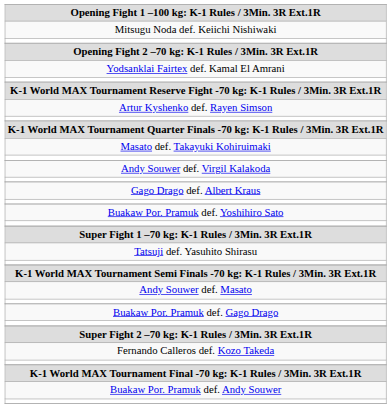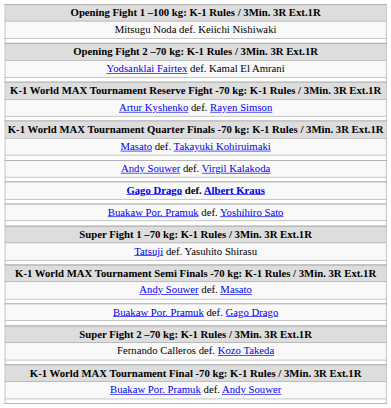 <table class="wikitable" style="clear:both; margin:1.5em auto; text-align:center;">
 <tr>
 </tr>
 <tr align="center"  bgcolor="#dddddd">
 <td><strong>Opening Fight 1 –100 kg: K-1 Rules / 3Min. 3R Ext.1R</strong></td>
 </tr>
 <tr align="center"  bgcolor=>
 <td align=center> Mitsugu Noda def. Keiichi Nishiwaki </td>
 </tr>
 <tr>
 <th style=background:white colspan=2></th>
 </tr>
 <tr>
 </tr>
 <tr align="center"  bgcolor="#dddddd">
 <td><strong>Opening Fight 2 –70 kg: K-1 Rules / 3Min. 3R Ext.1R</strong></td>
 </tr>
 <tr align="center"  bgcolor=>
 <td align=center> <a href='#'>Yodsanklai Fairtex</a> def. Kamal El Amrani </td>
 </tr>
 <tr>
 <th style=background:white colspan=2></th>
 </tr>
 <tr>
 </tr>
 <tr align="center"  bgcolor="#dddddd">
 <td><strong>K-1 World MAX Tournament Reserve Fight -70 kg: K-1 Rules / 3Min. 3R Ext.1R</strong></td>
 </tr>
 <tr align="center"  bgcolor=>
 <td align=center> <a href='#'>Artur Kyshenko</a> def. <a href='#'>Rayen Simson</a> </td>
 </tr>
 <tr>
 <th style=background:white colspan=2></th>
 </tr>
 <tr>
 </tr>
 <tr align="center"  bgcolor="#dddddd">
 <td><strong>K-1 World MAX Tournament Quarter Finals -70 kg: K-1 Rules / 3Min. 3R Ext.1R</strong></td>
 </tr>
 <tr align="center"  bgcolor=>
 <td align=center> <a href='#'>Masato</a> def. <a href='#'>Takayuki Kohiruimaki</a> </td>
 </tr>
 <tr>
 <th style=background:white colspan=2></th>
 </tr>
 <tr>
 </tr>
 <tr align="center"  bgcolor=>
 <td align=center> <a href='#'>Andy Souwer</a> def. <a href='#'>Virgil Kalakoda</a> </td>
 </tr>
 <tr>
 <th style=background:white colspan=2></th>
 </tr>
 <tr>
 </tr>
 <tr align="center"  bgcolor=>
-<td align=center> <a href='#'>Gago Drago</a> def. <a href='#'>Albert Kraus</a> </td>
+<td align=center><strong> <a href='#'>Gago Drago</a> def. <a href='#'>Albert Kraus</a> </strong></td>
 </tr>
 <tr>
 <th style=background:white colspan=2></th>
 </tr>
 <tr>
 </tr>
 <tr align="center"  bgcolor=>
 <td align=center> <a href='#'>Buakaw Por. Pramuk</a> def. <a href='#'>Yoshihiro Sato</a> </td>
 </tr>
 <tr>
 <th style=background:white colspan=2></th>
 </tr>
 <tr>
 </tr>
 <tr align="center"  bgcolor="#dddddd">
 <td><strong>Super Fight 1 –70 kg: K-1 Rules / 3Min. 3R Ext.1R</strong></td>
 </tr>
 <tr align="center"  bgcolor=>
 <td align=center> <a href='#'>Tatsuji</a> def. Yasuhito Shirasu </td>
 </tr>
 <tr>
 <th style=background:white colspan=2></th>
 </tr>
 <tr>
 </tr>
 <tr align="center"  bgcolor="#dddddd">
 <td><strong>K-1 World MAX Tournament Semi Finals -70 kg: K-1 Rules / 3Min. 3R Ext.1R</strong></td>
 </tr>
 <tr align="center"  bgcolor=>
 <td align=center> <a href='#'>Andy Souwer</a> def. <a href='#'>Masato</a> </td>
 </tr>
 <tr>
 <th style=background:white colspan=2></th>
 </tr>
 <tr>
 </tr>
 <tr align="center"  bgcolor=>
 <td align=center> <a href='#'>Buakaw Por. Pramuk</a> def. <a href='#'>Gago Drago</a> </td>
 </tr>
 <tr>
 <th style=background:white colspan=2></th>
 </tr>
 <tr>
 </tr>
 <tr align="center"  bgcolor="#dddddd">
 <td><strong>Super Fight 2 –70 kg: K-1 Rules / 3Min. 3R Ext.1R</strong></td>
 </tr>
 <tr align="center"  bgcolor=>
 <td align=center> Fernando Calleros def. <a href='#'>Kozo Takeda</a> </td>
 </tr>
 <tr>
 <th style=background:white colspan=2></th>
 </tr>
 <tr>
 </tr>
 <tr align="center"  bgcolor="#dddddd">
 <td><strong>K-1 World MAX Tournament Final -70 kg: K-1 Rules / 3Min. 3R Ext.1R</strong></td>
 </tr>
 <tr align="center"  bgcolor=>
 <td align=center> <a href='#'>Buakaw Por. Pramuk</a> def. <a href='#'>Andy Souwer</a> </td>
 </tr>
 <tr>
 <th style=background:white colspan=2></th>
 </tr>
 <tr>
 </tr>
 </table>
